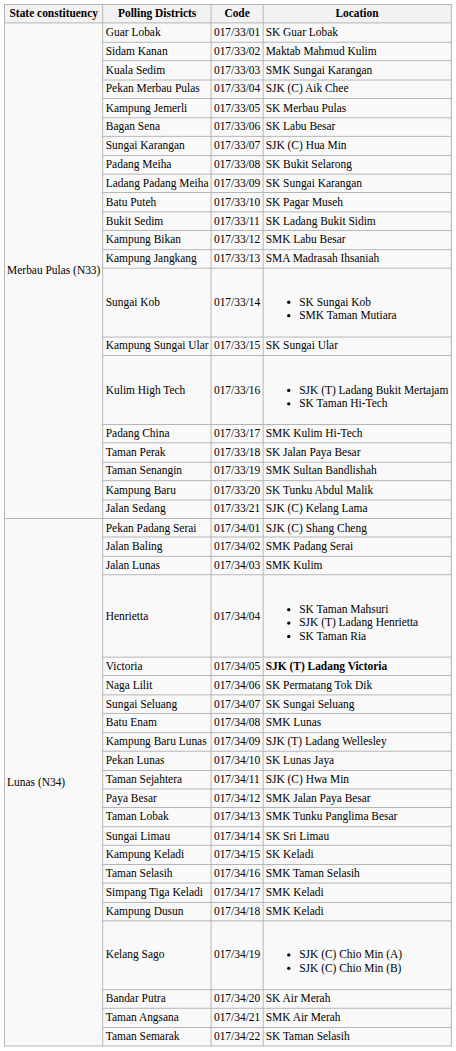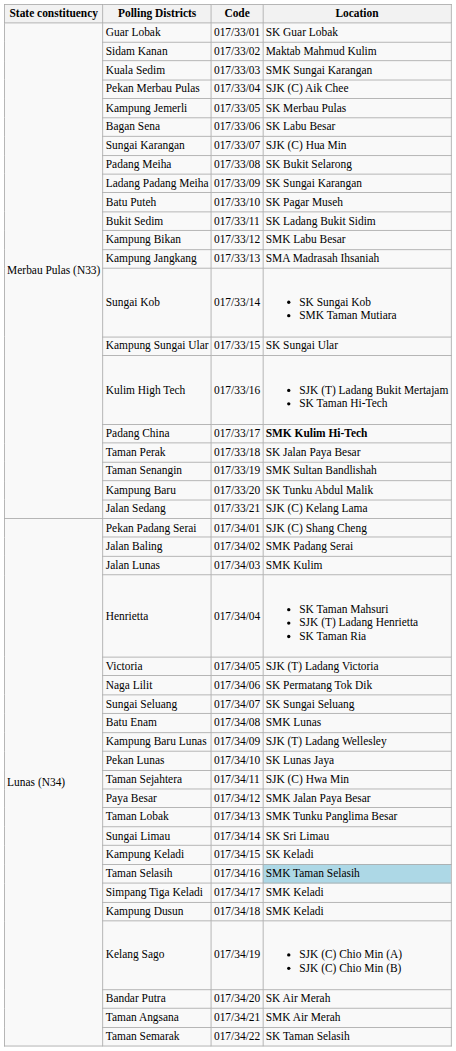 <table class="wikitable sortable mw-collapsible" style="white-space:nowrap;font-size:85%">
 <tr>
 <th>State constituency</th>
 <th>Polling Districts</th>
 <th>Code</th>
 <th>Location</th>
 </tr>
 <tr>
 <td rowspan="21">Merbau Pulas (N33)</td>
 <td>Guar Lobak</td>
 <td>017/33/01</td>
 <td>SK Guar Lobak</td>
 </tr>
 <tr>
 <td>Sidam Kanan</td>
 <td>017/33/02</td>
 <td>Maktab Mahmud Kulim</td>
 </tr>
 <tr>
 <td>Kuala Sedim</td>
 <td>017/33/03</td>
 <td>SMK Sungai Karangan</td>
 </tr>
 <tr>
 <td>Pekan Merbau Pulas</td>
 <td>017/33/04</td>
 <td>SJK (C) Aik Chee</td>
 </tr>
 <tr>
 <td>Kampung Jemerli</td>
 <td>017/33/05</td>
 <td>SK Merbau Pulas</td>
 </tr>
 <tr>
 <td>Bagan Sena</td>
 <td>017/33/06</td>
 <td>SK Labu Besar</td>
 </tr>
 <tr>
 <td>Sungai Karangan</td>
 <td>017/33/07</td>
 <td>SJK (C) Hua Min</td>
 </tr>
 <tr>
 <td>Padang Meiha</td>
 <td>017/33/08</td>
 <td>SK Bukit Selarong</td>
 </tr>
 <tr>
 <td>Ladang Padang Meiha</td>
 <td>017/33/09</td>
 <td>SK Sungai Karangan</td>
 </tr>
 <tr>
 <td>Batu Puteh</td>
 <td>017/33/10</td>
 <td>SK Pagar Museh</td>
 </tr>
 <tr>
 <td>Bukit Sedim</td>
 <td>017/33/11</td>
 <td>SK Ladang Bukit Sidim</td>
 </tr>
 <tr>
 <td>Kampung Bikan</td>
 <td>017/33/12</td>
 <td>SMK Labu Besar</td>
 </tr>
 <tr>
 <td>Kampung Jangkang</td>
 <td>017/33/13</td>
 <td>SMA Madrasah Ihsaniah</td>
 </tr>
 <tr>
 <td>Sungai Kob</td>
 <td>017/33/14</td>
 <td><br><ul><li>SK Sungai Kob</li><li>SMK Taman Mutiara</li></ul></td>
 </tr>
 <tr>
 <td>Kampung Sungai Ular</td>
 <td>017/33/15</td>
 <td>SK Sungai Ular</td>
 </tr>
 <tr>
 <td>Kulim High Tech</td>
 <td>017/33/16</td>
 <td><br><ul><li>SJK (T) Ladang Bukit Mertajam</li><li>SK Taman Hi-Tech</li></ul></td>
 </tr>
 <tr>
 <td>Padang China</td>
 <td>017/33/17</td>
-<td>SMK Kulim Hi-Tech</td>
+<td><strong>SMK Kulim Hi-Tech</strong></td>
 </tr>
 <tr>
 <td>Taman Perak</td>
 <td>017/33/18</td>
 <td>SK Jalan Paya Besar</td>
 </tr>
 <tr>
 <td>Taman Senangin</td>
 <td>017/33/19</td>
 <td>SMK Sultan Bandlishah</td>
 </tr>
 <tr>
 <td>Kampung Baru</td>
 <td>017/33/20</td>
 <td>SK Tunku Abdul Malik</td>
 </tr>
 <tr>
 <td>Jalan Sedang</td>
 <td>017/33/21</td>
 <td>SJK (C) Kelang Lama</td>
 </tr>
 <tr>
 <td rowspan="22">Lunas (N34)</td>
 <td>Pekan Padang Serai</td>
 <td>017/34/01</td>
 <td>SJK (C) Shang Cheng</td>
 </tr>
 <tr>
 <td>Jalan Baling</td>
 <td>017/34/02</td>
 <td>SMK Padang Serai</td>
 </tr>
 <tr>
 <td>Jalan Lunas</td>
 <td>017/34/03</td>
 <td>SMK Kulim</td>
 </tr>
 <tr>
 <td>Henrietta</td>
 <td>017/34/04</td>
 <td><br><ul><li>SK Taman Mahsuri</li><li>SJK (T) Ladang Henrietta</li><li>SK Taman Ria</li></ul></td>
 </tr>
 <tr>
 <td>Victoria</td>
 <td>017/34/05</td>
-<td><strong>SJK (T) Ladang Victoria</strong></td>
+<td>SJK (T) Ladang Victoria</td>
 </tr>
 <tr>
 <td>Naga Lilit</td>
 <td>017/34/06</td>
 <td>SK Permatang Tok Dik</td>
 </tr>
 <tr>
 <td>Sungai Seluang</td>
 <td>017/34/07</td>
 <td>SK Sungai Seluang</td>
 </tr>
 <tr>
 <td>Batu Enam</td>
 <td>017/34/08</td>
 <td>SMK Lunas</td>
 </tr>
 <tr>
 <td>Kampung Baru Lunas</td>
 <td>017/34/09</td>
 <td>SJK (T) Ladang Wellesley</td>
 </tr>
 <tr>
 <td>Pekan Lunas</td>
 <td>017/34/10</td>
 <td>SK Lunas Jaya</td>
 </tr>
 <tr>
 <td>Taman Sejahtera</td>
 <td>017/34/11</td>
 <td>SJK (C) Hwa Min</td>
 </tr>
 <tr>
 <td>Paya Besar</td>
 <td>017/34/12</td>
 <td>SMK Jalan Paya Besar</td>
 </tr>
 <tr>
 <td>Taman Lobak</td>
 <td>017/34/13</td>
 <td>SMK Tunku Panglima Besar</td>
 </tr>
 <tr>
 <td>Sungai Limau</td>
 <td>017/34/14</td>
 <td>SK Sri Limau</td>
 </tr>
 <tr>
 <td>Kampung Keladi</td>
 <td>017/34/15</td>
 <td>SK Keladi</td>
 </tr>
 <tr>
 <td>Taman Selasih</td>
 <td>017/34/16</td>
-<td>SMK Taman Selasih</td>
+<td style="background: lightblue;">SMK Taman Selasih</td>
 </tr>
 <tr>
 <td>Simpang Tiga Keladi</td>
 <td>017/34/17</td>
 <td>SMK Keladi</td>
 </tr>
 <tr>
 <td>Kampung Dusun</td>
 <td>017/34/18</td>
 <td>SMK Keladi</td>
 </tr>
 <tr>
 <td>Kelang Sago</td>
 <td>017/34/19</td>
 <td><br><ul><li>SJK (C) Chio Min (A)</li><li>SJK (C) Chio Min (B)</li></ul></td>
 </tr>
 <tr>
 <td>Bandar Putra</td>
 <td>017/34/20</td>
 <td>SK Air Merah</td>
 </tr>
 <tr>
 <td>Taman Angsana</td>
 <td>017/34/21</td>
 <td>SMK Air Merah</td>
 </tr>
 <tr>
 <td>Taman Semarak</td>
 <td>017/34/22</td>
 <td>SK Taman Selasih</td>
 </tr>
 </table>
